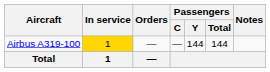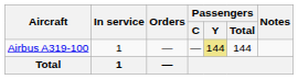 <table class="wikitable" style="border-collapse:collapse;text-align:center;margin:auto;">
 <tr>
 <th rowspan="2">Aircraft</th>
 <th rowspan="2">In service</th>
 <th rowspan="2">Orders</th>
 <th colspan="3">Passengers</th>
 <th rowspan="2">Notes</th>
 </tr>
 <tr>
 <th><abbr>C</abbr></th>
 <th><abbr>Y</abbr></th>
 <th>Total</th>
 </tr>
 <tr>
 <td><a href='#'>Airbus A319-100</a></td>
-<td style="background: gold;">1</td>
+<td>1</td>
 <td>—</td>
 <td>—</td>
-<td>144</td>
+<td style="background: khaki;">144</td>
 <td>144</td>
 <td></td>
 </tr>
 <tr>
 <th>Total</th>
 <th>1</th>
 <th>—</th>
 <th colspan="4"></th>
 </tr>
 </table>
